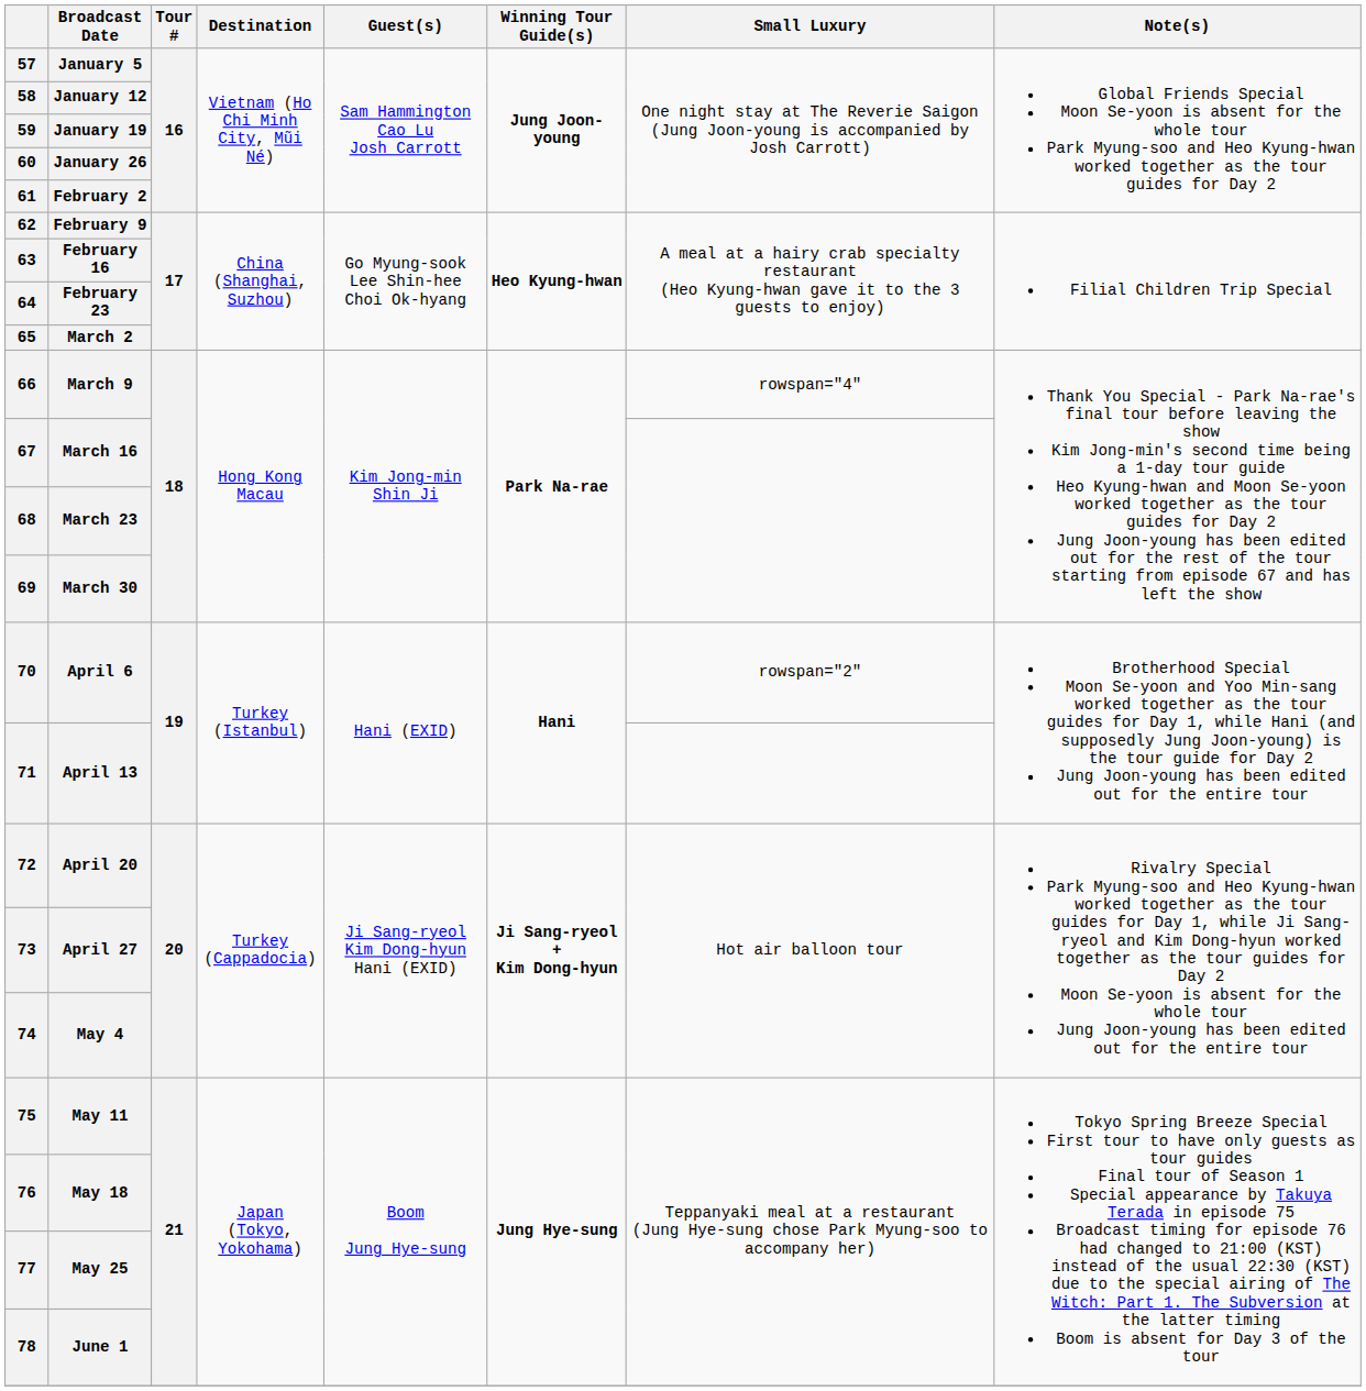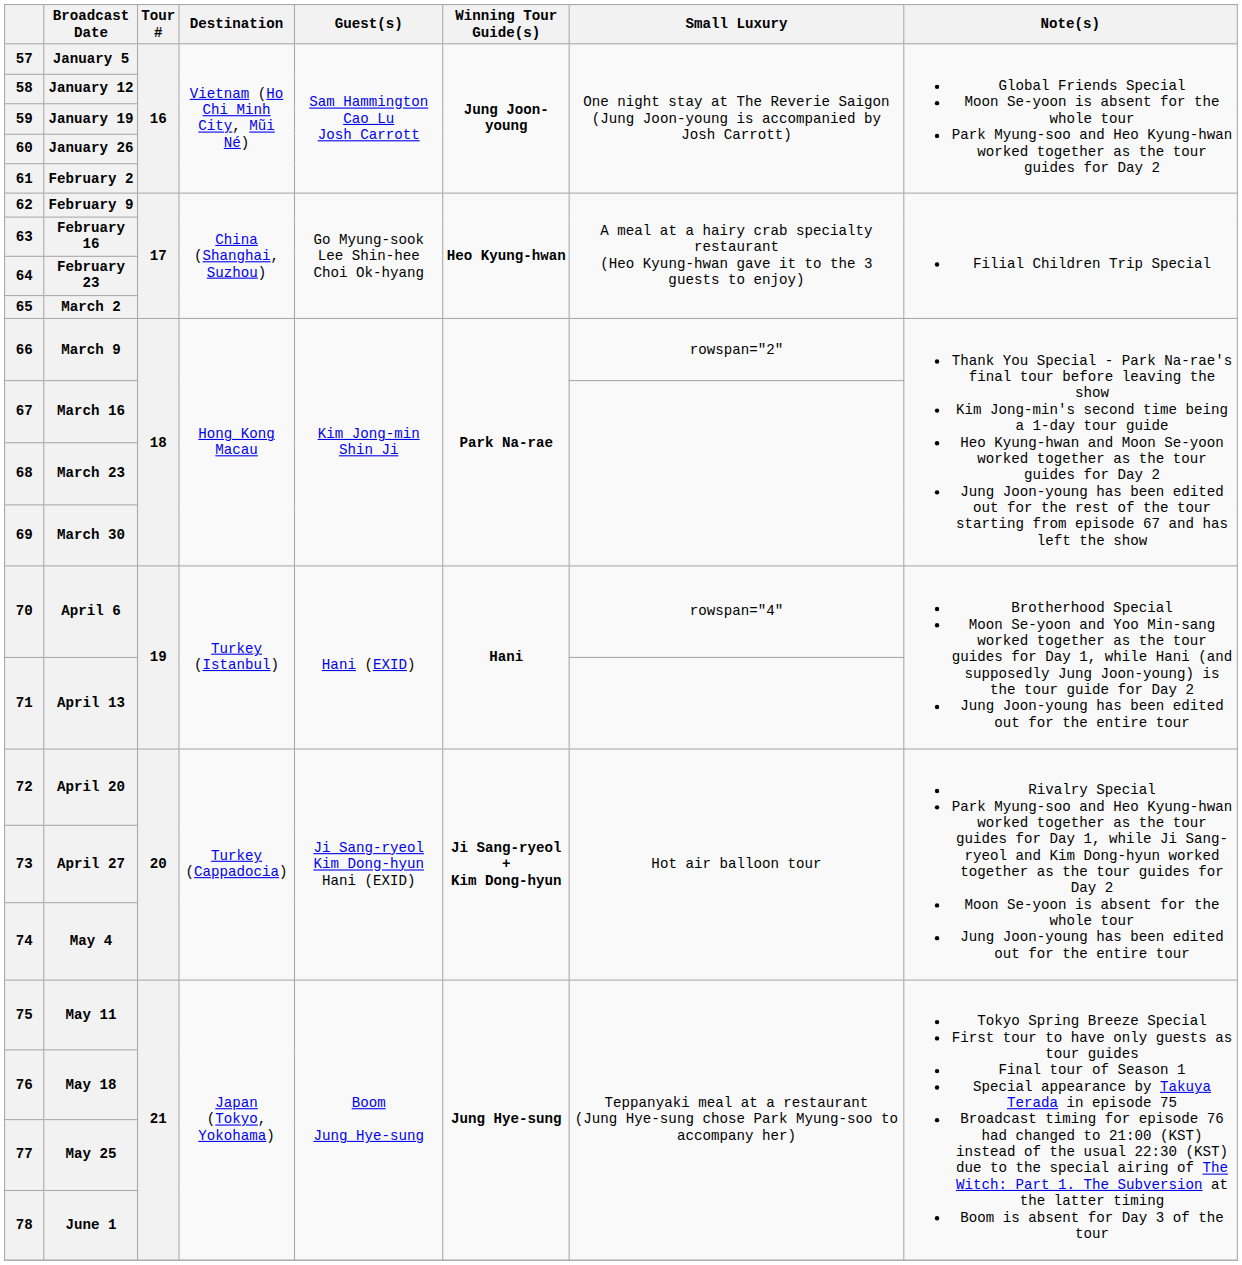 <table Class ="wikitable" style="text-align:center">
 <tr>
 <th style="width:30px"></th>
 <th style="width:80px">Broadcast Date</th>
 <th style="width:30px">Tour #</th>
 <th style="width:100px">Destination</th>
 <th style="width:130px">Guest(s)</th>
 <th style="width:110px">Winning Tour Guide(s)</th>
 <th style="width:300px">Small Luxury</th>
 <th style="width:300px">Note(s)</th>
 </tr>
 <tr>
 <th>57</th>
 <th>January 5</th>
 <th rowspan="5">16</th>
 <td rowspan="5"><a href='#'>Vietnam</a> (<a href='#'>Ho Chi Minh City</a>, <a href='#'>Mũi Né</a>)</td>
 <td rowspan="5"><a href='#'>Sam Hammington</a><br><a href='#'>Cao Lu</a><br><a href='#'>Josh Carrott</a></td>
 <td rowspan="5"><strong>Jung Joon-young</strong></td>
 <td rowspan="5">One night stay at The Reverie Saigon<br>(Jung Joon-young is accompanied by Josh Carrott)</td>
 <td rowspan="5"><br><ul><li>Global Friends Special</li><li>Moon Se-yoon is absent for the whole tour</li><li>Park Myung-soo and Heo Kyung-hwan worked together as the tour guides for Day 2</li></ul></td>
 </tr>
 <tr>
 <th>58</th>
 <th>January 12</th>
 </tr>
 <tr>
 <th>59</th>
 <th>January 19</th>
 </tr>
 <tr>
 <th>60</th>
 <th>January 26</th>
 </tr>
 <tr>
 <th>61</th>
 <th>February 2</th>
 </tr>
 <tr>
 <th>62</th>
 <th>February 9</th>
 <th rowspan="4">17</th>
 <td rowspan="4"><a href='#'>China</a> (<a href='#'>Shanghai</a>, <a href='#'>Suzhou</a>)</td>
 <td rowspan="4">Go Myung-sook<br>Lee Shin-hee<br>Choi Ok-hyang</td>
 <td rowspan="4"><strong>Heo Kyung-hwan</strong></td>
 <td rowspan="4">A meal at a hairy crab specialty restaurant<br>(Heo Kyung-hwan gave it to the 3 guests to enjoy)</td>
 <td rowspan="4"><br><ul><li>Filial Children Trip Special</li></ul></td>
 </tr>
 <tr>
 <th>63</th>
 <th>February 16</th>
 </tr>
 <tr>
 <th>64</th>
 <th>February 23</th>
 </tr>
 <tr>
 <th>65</th>
 <th>March 2</th>
 </tr>
 <tr>
 <th>66</th>
 <th>March 9</th>
 <th rowspan="4">18</th>
 <td rowspan="4"><a href='#'>Hong Kong</a><br><a href='#'>Macau</a></td>
 <td rowspan="4"><a href='#'>Kim Jong-min</a><br><a href='#'>Shin Ji</a></td>
 <td rowspan="4"><strong>Park Na-rae</strong></td>
-<td>rowspan="4" </td>
+<td>rowspan="2" </td>
 <td rowspan="4"><br><ul><li>Thank You Special - Park Na-rae's final tour before leaving the show</li><li>Kim Jong-min's second time being a 1-day tour guide</li><li>Heo Kyung-hwan and Moon Se-yoon worked together as the tour guides for Day 2</li><li>Jung Joon-young has been edited out for the rest of the tour starting from episode 67 and has left the show</li></ul></td>
 </tr>
 <tr>
 <th>67</th>
 <th>March 16</th>
 </tr>
 <tr>
 <th>68</th>
 <th>March 23</th>
 </tr>
 <tr>
 <th>69</th>
 <th>March 30</th>
 </tr>
 <tr>
 <th>70</th>
 <th>April 6</th>
 <th rowspan="2">19</th>
 <td rowspan="2"><a href='#'>Turkey</a> (<a href='#'>Istanbul</a>)</td>
 <td rowspan="2"><br><a href='#'>Hani</a> (<a href='#'>EXID</a>)</td>
 <td rowspan="2"><strong>Hani</strong></td>
-<td>rowspan="2" </td>
+<td>rowspan="4" </td>
 <td rowspan="2"><br><ul><li>Brotherhood Special</li><li>Moon Se-yoon and Yoo Min-sang worked together as the tour guides for Day 1, while Hani (and supposedly Jung Joon-young) is the tour guide for Day 2</li><li>Jung Joon-young has been edited out for the entire tour</li></ul></td>
 </tr>
 <tr>
 <th>71</th>
 <th>April 13</th>
 </tr>
 <tr>
 <th>72</th>
 <th>April 20</th>
 <th rowspan="3">20</th>
 <td rowspan="3"><a href='#'>Turkey</a> (<a href='#'>Cappadocia</a>)</td>
 <td rowspan="3"><a href='#'>Ji Sang-ryeol</a><br><a href='#'>Kim Dong-hyun</a><br>Hani (EXID)</td>
 <td rowspan="3"><strong>Ji Sang-ryeol<br>+<br>Kim Dong-hyun</strong></td>
 <td rowspan="3">Hot air balloon tour</td>
 <td rowspan="3"><br><ul><li>Rivalry Special</li><li>Park Myung-soo and Heo Kyung-hwan worked together as the tour guides for Day 1, while Ji Sang-ryeol and Kim Dong-hyun worked together as the tour guides for Day 2</li><li>Moon Se-yoon is absent for the whole tour</li><li>Jung Joon-young has been edited out for the entire tour</li></ul></td>
 </tr>
 <tr>
 <th>73</th>
 <th>April 27</th>
 </tr>
 <tr>
 <th>74</th>
 <th>May 4</th>
 </tr>
 <tr>
 <th>75</th>
 <th>May 11</th>
 <th rowspan="4">21</th>
 <td rowspan="4"><a href='#'>Japan</a> (<a href='#'>Tokyo</a>, <a href='#'>Yokohama</a>)</td>
 <td rowspan="4"><a href='#'>Boom</a><br><br><a href='#'>Jung Hye-sung</a></td>
 <td rowspan="4"><strong>Jung Hye-sung</strong></td>
 <td rowspan="4">Teppanyaki meal at a restaurant<br>(Jung Hye-sung chose Park Myung-soo to accompany her)</td>
 <td rowspan="4"><br><ul><li>Tokyo Spring Breeze Special</li><li>First tour to have only guests as tour guides</li><li>Final tour of Season 1</li><li>Special appearance by <a href='#'>Takuya Terada</a> in episode 75</li><li>Broadcast timing for episode 76 had changed to 21:00 (KST) instead of the usual 22:30 (KST) due to the special airing of <a href='#'>The Witch: Part 1. The Subversion</a> at the latter timing</li><li>Boom is absent for Day 3 of the tour</li></ul></td>
 </tr>
 <tr>
 <th>76</th>
 <th>May 18</th>
 </tr>
 <tr>
 <th>77</th>
 <th>May 25</th>
 </tr>
 <tr>
 <th>78</th>
 <th>June 1</th>
 </tr>
 <tr>
 </tr>
 </table>
